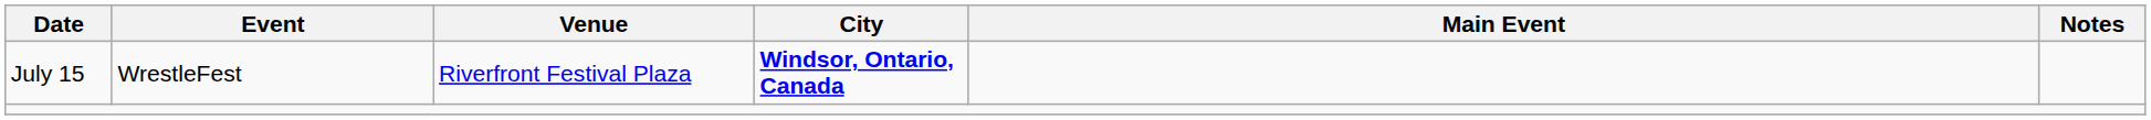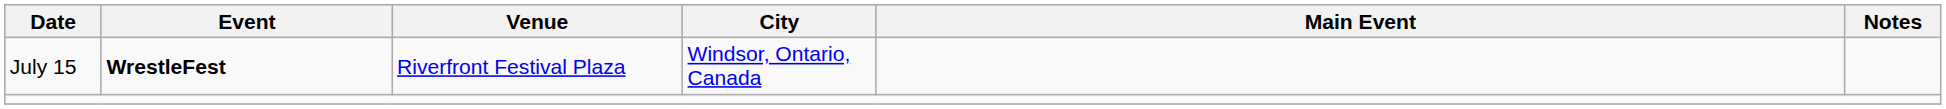 <table class="sortable wikitable succession-box" style="font-size:85%;">
 <tr>
 <th scope="col" style="width:5%;">Date</th>
 <th scope="col" style="width:15%;">Event</th>
 <th scope="col" style="width:15%;">Venue</th>
 <th scope="col" style="width:10%;">City</th>
 <th scope="col" style="width:50%;">Main Event</th>
 <th scope="col" style="width:10%;">Notes</th>
 </tr>
 <tr>
 <td>July 15</td>
-<td>WrestleFest</td>
+<td><strong>WrestleFest</strong></td>
 <td><a href='#'>Riverfront Festival Plaza</a></td>
-<td><strong><a href='#'>Windsor, Ontario, Canada</a></strong></td>
+<td><a href='#'>Windsor, Ontario, Canada</a></td>
 <td></td>
 <td></td>
 </tr>
 <tr>
 <td colspan="6"></td>
 </tr>
 </table>
